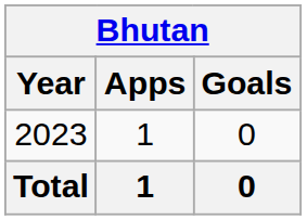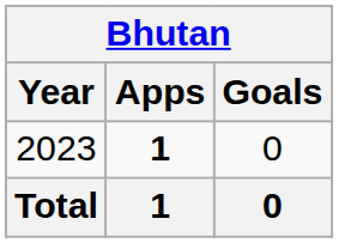 <table class="wikitable" style="text-align:center">
 <tr>
 <th colspan=3><a href='#'>Bhutan</a></th>
 </tr>
 <tr>
 <th>Year</th>
 <th>Apps</th>
 <th>Goals</th>
 </tr>
 <tr>
 <td>2023</td>
-<td>1</td>
+<td><strong>1</strong></td>
 <td>0</td>
 </tr>
 <tr>
 <th>Total</th>
 <th>1</th>
 <th>0</th>
 </tr>
 </table>
